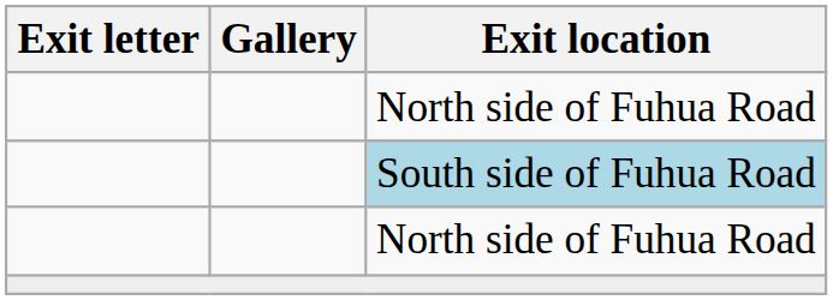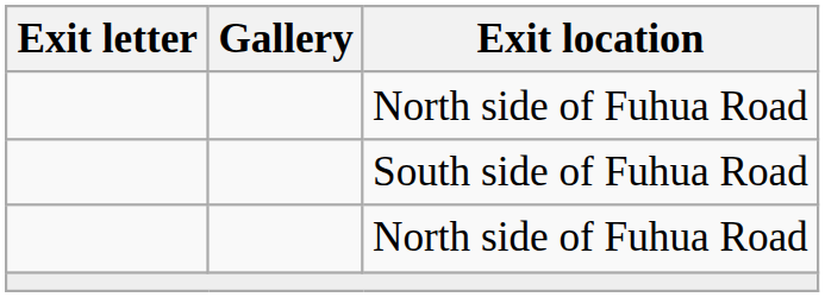 <table class="wikitable">
 <tr>
 <th style="width:70px">Exit letter</th>
 <th>Gallery</th>
 <th>Exit location</th>
 </tr>
 <tr>
 <td align="center"></td>
 <td><br></td>
 <td>North side of Fuhua Road</td>
 </tr>
 <tr>
 <td align="center"></td>
 <td></td>
-<td style="background: lightblue;">South side of Fuhua Road</td>
+<td>South side of Fuhua Road</td>
 </tr>
 <tr>
 <td align="center"></td>
 <td></td>
 <td>North side of Fuhua Road</td>
 </tr>
 <tr>
 <td colspan="4" bgcolor="#EEEEEE"></td>
 </tr>
 </table>
